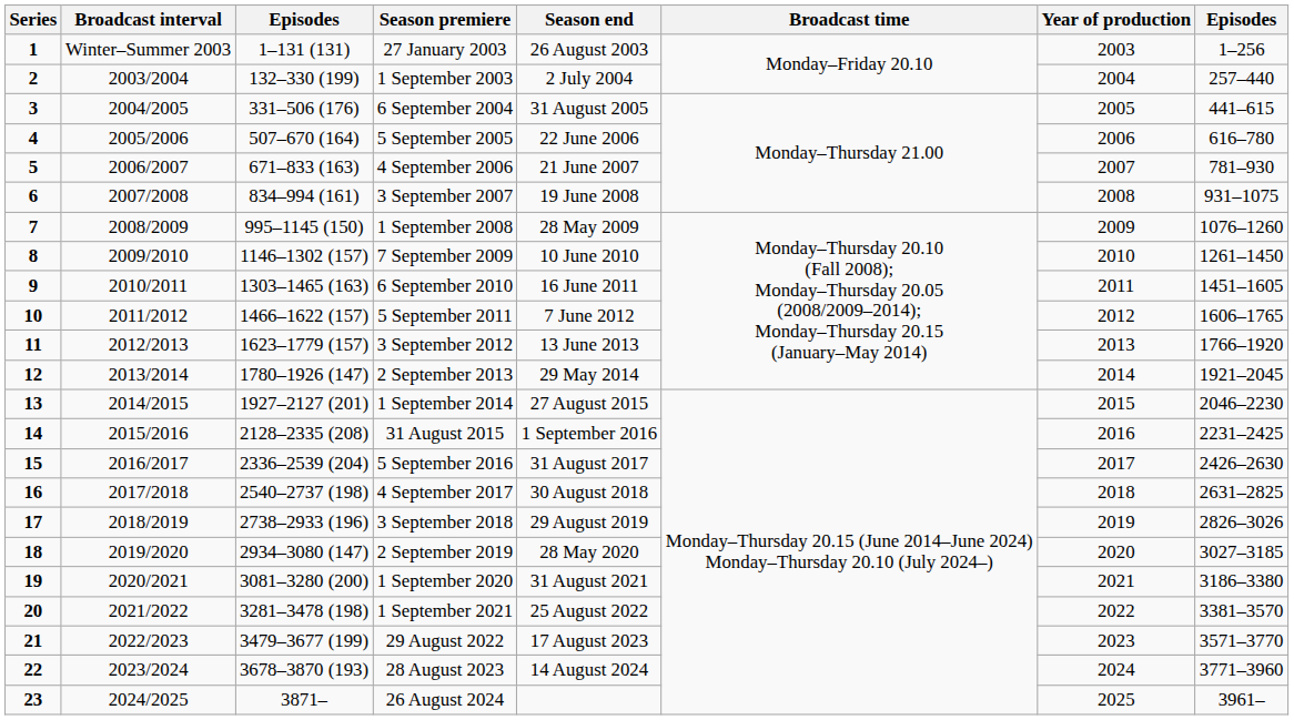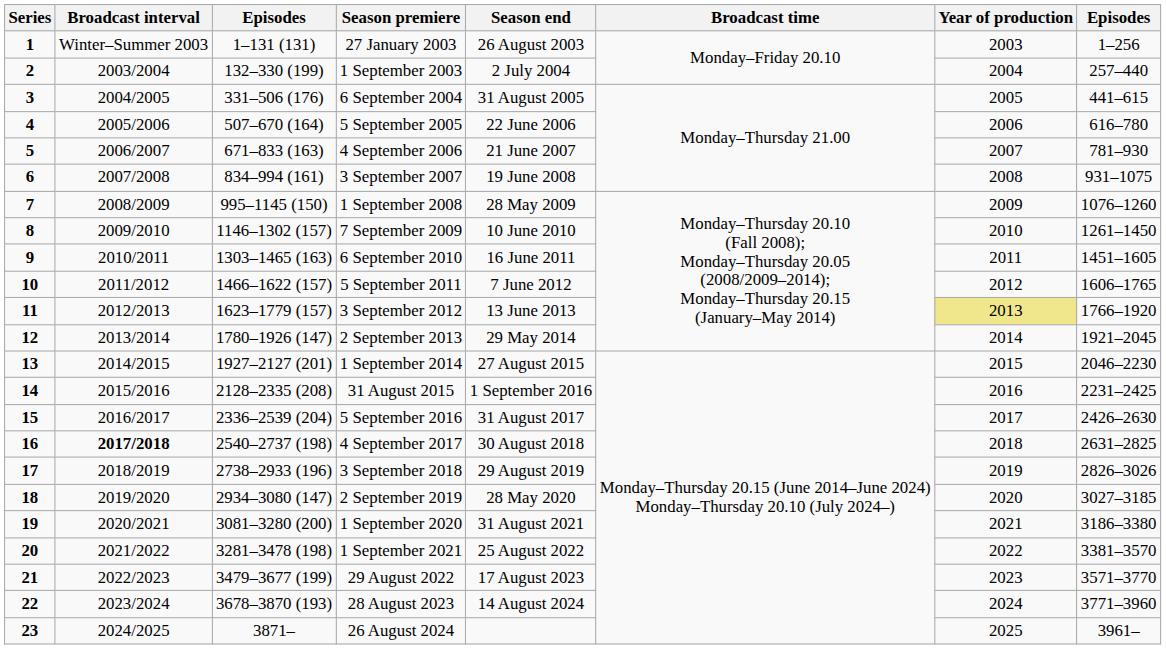 <table class="wikitable" style="text-align:center;">
 <tr>
 <th>Series</th>
 <th>Broadcast interval</th>
 <th>Episodes</th>
 <th>Season premiere</th>
 <th>Season end</th>
 <th>Broadcast time</th>
 <th>Year of production</th>
 <th>Episodes</th>
 </tr>
 <tr>
 <td><strong>1</strong></td>
 <td>Winter–Summer 2003</td>
 <td>1–131 (131)</td>
 <td>27 January 2003</td>
 <td>26 August 2003</td>
 <td rowspan="2">Monday–Friday 20.10</td>
 <td>2003</td>
 <td>1–256</td>
 </tr>
 <tr>
 <td><strong>2</strong></td>
 <td>2003/2004</td>
 <td>132–330 (199)</td>
 <td>1 September 2003</td>
 <td>2 July 2004</td>
 <td>2004</td>
 <td>257–440</td>
 </tr>
 <tr>
 <td><strong>3</strong></td>
 <td>2004/2005</td>
 <td>331–506 (176)</td>
 <td>6 September 2004</td>
 <td>31 August 2005</td>
 <td rowspan="4">Monday–Thursday 21.00</td>
 <td>2005</td>
 <td>441–615</td>
 </tr>
 <tr>
 <td><strong>4</strong></td>
 <td>2005/2006</td>
 <td>507–670 (164)</td>
 <td>5 September 2005</td>
 <td>22 June 2006</td>
 <td>2006</td>
 <td>616–780</td>
 </tr>
 <tr>
 <td><strong>5</strong></td>
 <td>2006/2007</td>
 <td>671–833 (163)</td>
 <td>4 September 2006</td>
 <td>21 June 2007</td>
 <td>2007</td>
 <td>781–930</td>
 </tr>
 <tr>
 <td><strong>6</strong></td>
 <td>2007/2008</td>
 <td>834–994 (161)</td>
 <td>3 September 2007</td>
 <td>19 June 2008</td>
 <td>2008</td>
 <td>931–1075</td>
 </tr>
 <tr>
 <td><strong>7</strong></td>
 <td>2008/2009</td>
 <td>995–1145 (150)</td>
 <td>1 September 2008</td>
 <td>28 May 2009</td>
 <td rowspan="6">Monday–Thursday 20.10<br>(Fall 2008);<br>Monday–Thursday 20.05<br>(2008/2009–2014);<br>Monday–Thursday 20.15<br>(January–May 2014)</td>
 <td>2009</td>
 <td>1076–1260</td>
 </tr>
 <tr>
 <td><strong>8</strong></td>
 <td>2009/2010</td>
 <td>1146–1302 (157)</td>
 <td>7 September 2009</td>
 <td>10 June 2010</td>
 <td>2010</td>
 <td>1261–1450</td>
 </tr>
 <tr>
 <td><strong>9</strong></td>
 <td>2010/2011</td>
 <td>1303–1465 (163)</td>
 <td>6 September 2010</td>
 <td>16 June 2011</td>
 <td>2011</td>
 <td>1451–1605</td>
 </tr>
 <tr>
 <td><strong>10</strong></td>
 <td>2011/2012</td>
 <td>1466–1622 (157)</td>
 <td>5 September 2011</td>
 <td>7 June 2012</td>
 <td>2012</td>
 <td>1606–1765</td>
 </tr>
 <tr>
 <td><strong>11</strong></td>
 <td>2012/2013</td>
 <td>1623–1779 (157)</td>
 <td>3 September 2012</td>
 <td>13 June 2013</td>
-<td>2013</td>
+<td style="background: khaki;">2013</td>
 <td>1766–1920</td>
 </tr>
 <tr>
 <td><strong>12</strong></td>
 <td>2013/2014</td>
 <td>1780–1926 (147)</td>
 <td>2 September 2013</td>
 <td>29 May 2014</td>
 <td>2014</td>
 <td>1921–2045</td>
 </tr>
 <tr>
 <td><strong>13</strong></td>
 <td>2014/2015</td>
 <td>1927–2127 (201)</td>
 <td>1 September 2014</td>
 <td>27 August 2015</td>
 <td rowspan="11">Monday–Thursday 20.15 (June 2014–June 2024)<br>Monday–Thursday 20.10 (July 2024–)</td>
 <td>2015</td>
 <td>2046–2230</td>
 </tr>
 <tr>
 <td><strong>14</strong></td>
 <td>2015/2016</td>
 <td>2128–2335 (208)</td>
 <td>31 August 2015</td>
 <td>1 September 2016</td>
 <td>2016</td>
 <td>2231–2425</td>
 </tr>
 <tr>
 <td><strong>15</strong></td>
 <td>2016/2017</td>
 <td>2336–2539 (204)</td>
 <td>5 September 2016</td>
 <td>31 August 2017</td>
 <td>2017</td>
 <td>2426–2630</td>
 </tr>
 <tr>
 <td><strong>16</strong></td>
-<td>2017/2018</td>
+<td><strong>2017/2018</strong></td>
 <td>2540–2737 (198)</td>
 <td>4 September 2017</td>
 <td>30 August 2018</td>
 <td>2018</td>
 <td>2631–2825</td>
 </tr>
 <tr>
 <td><strong>17</strong></td>
 <td>2018/2019</td>
 <td>2738–2933 (196)</td>
 <td>3 September 2018</td>
 <td>29 August 2019</td>
 <td>2019</td>
 <td>2826–3026</td>
 </tr>
 <tr>
 <td><strong>18</strong></td>
 <td>2019/2020</td>
 <td>2934–3080 (147)</td>
 <td>2 September 2019</td>
 <td>28 May 2020</td>
 <td>2020</td>
 <td>3027–3185</td>
 </tr>
 <tr>
 <td><strong>19</strong></td>
 <td>2020/2021</td>
 <td>3081–3280 (200)</td>
 <td>1 September 2020</td>
 <td>31 August 2021</td>
 <td>2021</td>
 <td>3186–3380</td>
 </tr>
 <tr>
 <td><strong>20</strong></td>
 <td>2021/2022</td>
 <td>3281–3478 (198)</td>
 <td>1 September 2021</td>
 <td>25 August 2022</td>
 <td>2022</td>
 <td>3381–3570</td>
 </tr>
 <tr>
 <td><strong>21</strong></td>
 <td>2022/2023</td>
 <td>3479–3677 (199)</td>
 <td>29 August 2022</td>
 <td>17 August 2023</td>
 <td>2023</td>
 <td>3571–3770</td>
 </tr>
 <tr>
 <td><strong>22</strong></td>
 <td>2023/2024</td>
 <td>3678–3870 (193)</td>
 <td>28 August 2023</td>
 <td>14 August 2024</td>
 <td>2024</td>
 <td>3771–3960</td>
 </tr>
 <tr>
 <td><strong>23</strong></td>
 <td>2024/2025</td>
 <td>3871–</td>
 <td>26 August 2024</td>
 <td></td>
 <td>2025</td>
 <td>3961–</td>
 </tr>
 </table>
